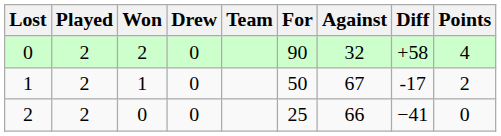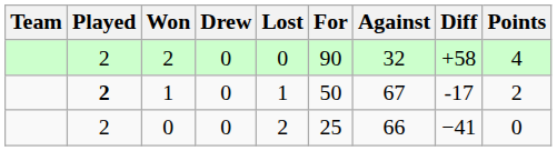 <table class="wikitable" style="text-align:center">
 <tr>
-<th>Lost</th>
+<th>Team</th>
 <th>Played</th>
 <th>Won</th>
 <th>Drew</th>
-<th>Team</th>
+<th>Lost</th>
 <th>For</th>
 <th>Against</th>
 <th>Diff</th>
 <th>Points</th>
 </tr>
 <tr bgcolor="#ccffcc">
-<td>0</td>
+<td align=left></td>
 <td>2</td>
 <td>2</td>
 <td>0</td>
-<td align=left></td>
+<td>0</td>
 <td>90</td>
 <td>32</td>
 <td>+58</td>
 <td>4</td>
 </tr>
 <tr>
-<td>1</td>
-<td>2</td>
+<td align=left></td>
+<td><strong>2</strong></td>
 <td>1</td>
 <td>0</td>
-<td align=left></td>
+<td>1</td>
 <td>50</td>
 <td>67</td>
 <td>-17</td>
 <td>2</td>
 </tr>
 <tr>
-<td>2</td>
+<td align=left></td>
 <td>2</td>
 <td>0</td>
 <td>0</td>
-<td align=left></td>
+<td>2</td>
 <td>25</td>
 <td>66</td>
 <td>−41</td>
 <td>0</td>
 </tr>
 </table>
